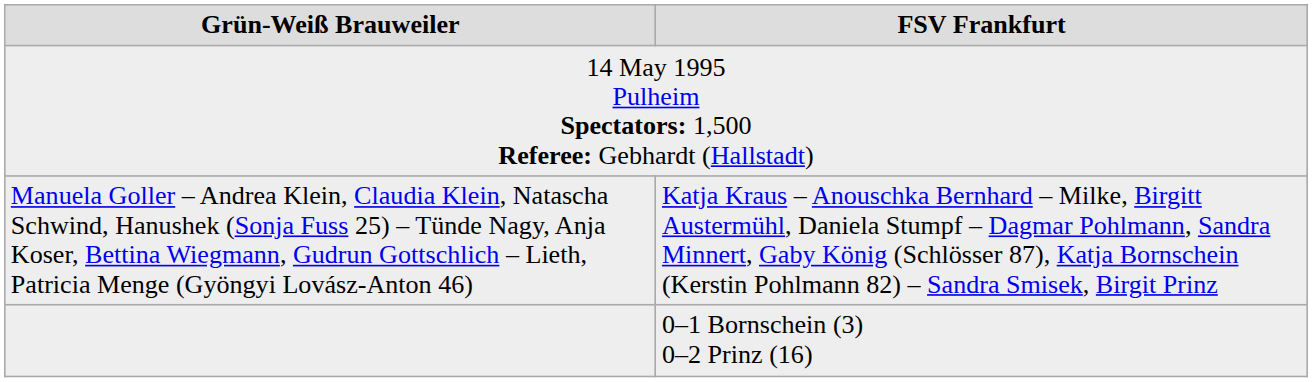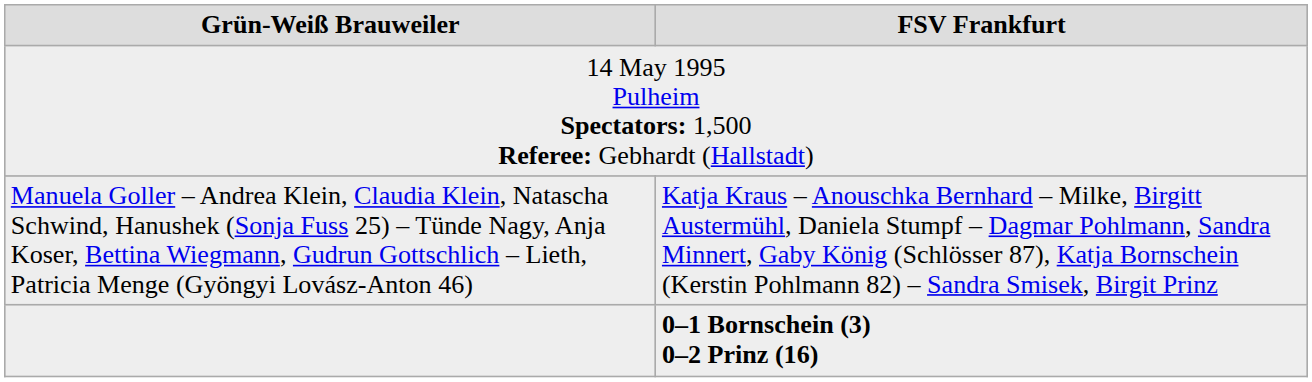 <table class="wikitable" width = "800px">
 <tr bgcolor="#DDDDDD">
 <td align="center"><strong>Grün-Weiß Brauweiler</strong></td>
 <td align="center"><strong>FSV Frankfurt</strong></td>
 </tr>
 <tr bgcolor="#EEEEEE">
 <td colspan="2" align="center">14 May 1995 <br> <a href='#'>Pulheim</a> <br> <strong>Spectators:</strong> 1,500 <br> <strong>Referee:</strong> Gebhardt (<a href='#'>Hallstadt</a>)</td>
 </tr>
 <tr bgcolor="#EEEEEE">
 <td valign="top" width="400px"><a href='#'>Manuela Goller</a> – Andrea Klein, <a href='#'>Claudia Klein</a>, Natascha Schwind, Hanushek (<a href='#'>Sonja Fuss</a> 25) – Tünde Nagy, Anja Koser, <a href='#'>Bettina Wiegmann</a>, <a href='#'>Gudrun Gottschlich</a> – Lieth, Patricia Menge (Gyöngyi Lovász-Anton 46)</td>
 <td valign="top" width="400px"><a href='#'>Katja Kraus</a> – <a href='#'>Anouschka Bernhard</a> – Milke, <a href='#'>Birgitt Austermühl</a>, Daniela Stumpf – <a href='#'>Dagmar Pohlmann</a>, <a href='#'>Sandra Minnert</a>, <a href='#'>Gaby König</a> (Schlösser 87), <a href='#'>Katja Bornschein</a> (Kerstin Pohlmann 82) – <a href='#'>Sandra Smisek</a>, <a href='#'>Birgit Prinz</a></td>
 </tr>
 <tr bgcolor="#EEEEEE">
 <td valign="top"></td>
-<td valign="top"> 0–1 Bornschein (3) <br>  0–2 Prinz (16)</td>
+<td valign="top"><strong> 0–1 Bornschein (3) <br>  0–2 Prinz (16)</strong></td>
 </tr>
 </table>
